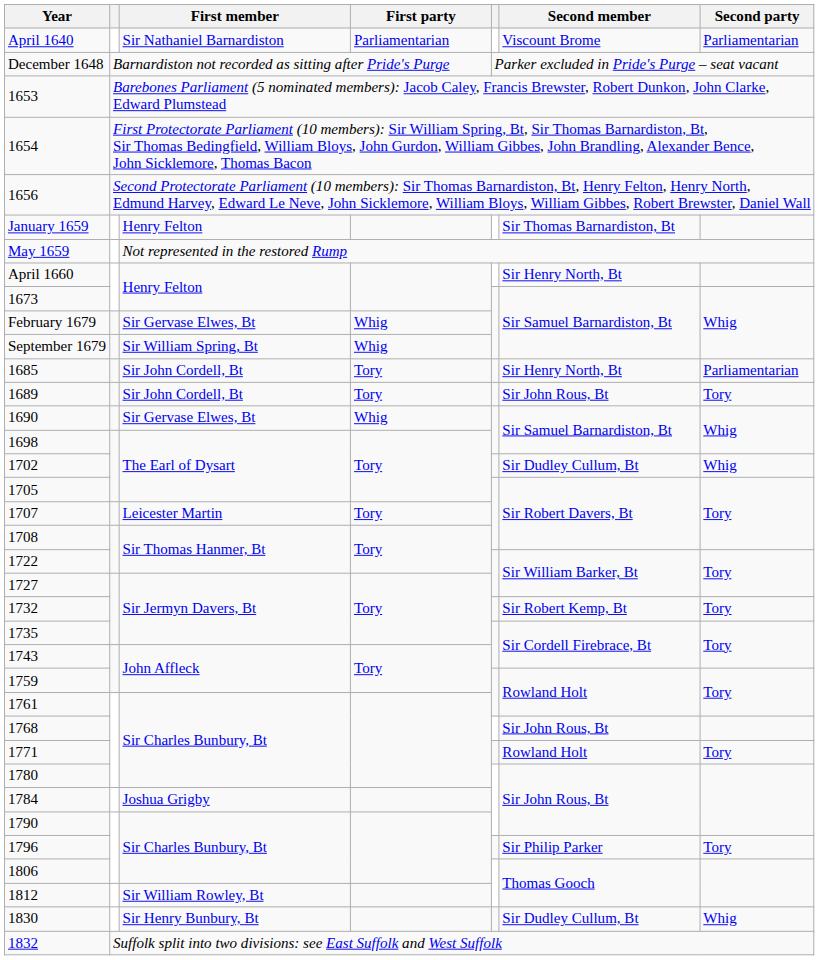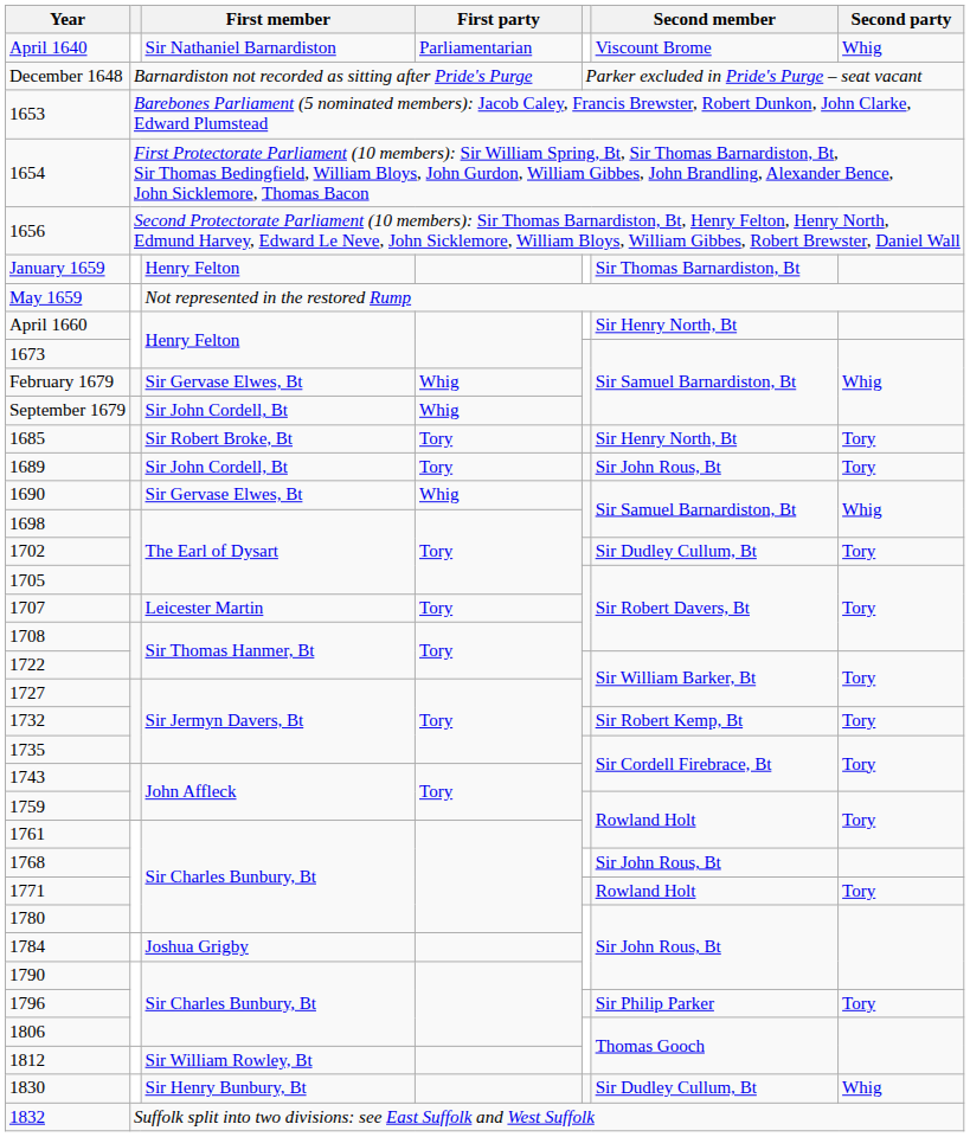 <table class="wikitable">
 <tr>
 <th>Year</th>
 <th></th>
 <th>First member</th>
 <th>First party</th>
 <th></th>
 <th>Second member</th>
 <th>Second party</th>
 </tr>
 <tr>
 <td><a href='#'>April 1640</a></td>
 <td style="color:inherit;background:white;"></td>
 <td><a href='#'>Sir Nathaniel Barnardiston</a></td>
 <td><a href='#'>Parliamentarian</a></td>
 <td style="color:inherit;background:white;"></td>
 <td><a href='#'>Viscount Brome</a></td>
-<td><a href='#'>Parliamentarian</a></td>
+<td><a href='#'>Whig</a></td>
 </tr>
 <tr>
 <td>December 1648</td>
 <td colspan="3"><em>Barnardiston not recorded as sitting after <a href='#'>Pride's Purge</a></em></td>
 <td colspan="3"><em>Parker excluded in <a href='#'>Pride's Purge</a> – seat vacant</em></td>
 </tr>
 <tr>
 <td>1653</td>
 <td colspan="6"><em><a href='#'>Barebones Parliament</a> (5 nominated members):</em> <a href='#'>Jacob Caley</a>, <a href='#'>Francis Brewster</a>, <a href='#'>Robert Dunkon</a>, <a href='#'>John Clarke</a>,<br> <a href='#'>Edward Plumstead</a></td>
 </tr>
 <tr>
 <td>1654</td>
 <td colspan="6"><em><a href='#'>First Protectorate Parliament</a> (10 members):</em> <a href='#'>Sir William Spring, Bt</a>, <a href='#'>Sir Thomas Barnardiston, Bt</a>,<br> <a href='#'>Sir Thomas Bedingfield</a>, <a href='#'>William Bloys</a>, <a href='#'>John Gurdon</a>, <a href='#'>William Gibbes</a>, <a href='#'>John Brandling</a>, <a href='#'>Alexander Bence</a>,<br> <a href='#'>John Sicklemore</a>, <a href='#'>Thomas Bacon</a></td>
 </tr>
 <tr>
 <td>1656</td>
 <td colspan="6"><em><a href='#'>Second Protectorate Parliament</a> (10 members):</em> <a href='#'>Sir Thomas Barnardiston, Bt</a>, <a href='#'>Henry Felton</a>, <a href='#'>Henry North</a>,<br> <a href='#'>Edmund Harvey</a>, <a href='#'>Edward Le Neve</a>, <a href='#'>John Sicklemore</a>, <a href='#'>William Bloys</a>, <a href='#'>William Gibbes</a>, <a href='#'>Robert Brewster</a>, <a href='#'>Daniel Wall</a></td>
 </tr>
 <tr>
 <td><a href='#'>January 1659</a></td>
 <td style="color:inherit;background:white;"></td>
 <td><a href='#'>Henry Felton</a></td>
 <td></td>
 <td style="color:inherit;background:white;"></td>
 <td><a href='#'>Sir Thomas Barnardiston, Bt</a></td>
 <td></td>
 </tr>
 <tr>
 <td><a href='#'>May 1659</a></td>
 <td style="color:inherit;background:white;"></td>
 <td colspan="6"><em>Not represented in the restored <a href='#'>Rump</a></em></td>
 </tr>
 <tr>
 <td>April 1660</td>
 <td rowspan="2" style="color:inherit;background:white;"></td>
 <td rowspan="2"><a href='#'>Henry Felton</a></td>
 <td rowspan="2"></td>
 <td style="color:inherit;background:white;"></td>
 <td><a href='#'>Sir Henry North, Bt</a></td>
 <td></td>
 </tr>
 <tr>
 <td>1673</td>
 <td rowspan="3" style="color:inherit;background-color: "></td>
 <td rowspan="3"><a href='#'>Sir Samuel Barnardiston, Bt</a></td>
 <td rowspan="3"><a href='#'>Whig</a></td>
 </tr>
 <tr>
 <td>February 1679</td>
 <td style="color:inherit;background:"></td>
 <td><a href='#'>Sir Gervase Elwes, Bt</a></td>
 <td> <a href='#'>Whig</a></td>
 </tr>
 <tr>
 <td>September 1679</td>
 <td style="color:inherit;background-color: "></td>
-<td><a href='#'>Sir William Spring, Bt</a></td>
+<td><a href='#'>Sir John Cordell, Bt</a></td>
 <td><a href='#'>Whig</a></td>
 </tr>
 <tr>
 <td>1685</td>
 <td style="color:inherit;background:"></td>
-<td><a href='#'>Sir John Cordell, Bt</a></td>
+<td><a href='#'>Sir Robert Broke, Bt</a></td>
 <td><a href='#'>Tory</a></td>
 <td style="color:inherit;background:"></td>
 <td><a href='#'>Sir Henry North, Bt</a></td>
-<td><a href='#'>Parliamentarian</a></td>
+<td><a href='#'>Tory</a></td>
 </tr>
 <tr>
 <td>1689</td>
 <td style="color:inherit;background:"></td>
 <td><a href='#'>Sir John Cordell, Bt</a></td>
 <td> <a href='#'>Tory</a></td>
 <td style="color:inherit;background-color: "></td>
 <td><a href='#'>Sir John Rous, Bt</a></td>
 <td><a href='#'>Tory</a></td>
 </tr>
 <tr>
 <td>1690</td>
 <td style="color:inherit;background-color: "></td>
 <td><a href='#'>Sir Gervase Elwes, Bt</a></td>
 <td> <a href='#'>Whig</a></td>
 <td rowspan="2" style="color:inherit;background-color: "></td>
 <td rowspan="2"><a href='#'>Sir Samuel Barnardiston, Bt</a></td>
 <td rowspan="2"><a href='#'>Whig</a></td>
 </tr>
 <tr>
 <td>1698</td>
 <td rowspan="3" style="color:inherit;background-color: "></td>
 <td rowspan="3"><a href='#'>The Earl of Dysart</a></td>
 <td rowspan="3"><a href='#'>Tory</a></td>
 </tr>
 <tr>
 <td>1702</td>
 <td style="color:inherit;background-color: "></td>
 <td><a href='#'>Sir Dudley Cullum, Bt</a></td>
-<td><a href='#'>Whig</a></td>
+<td> <a href='#'>Tory</a></td>
 </tr>
 <tr>
 <td>1705</td>
 <td rowspan="3" style="color:inherit;background-color: "></td>
 <td rowspan="3"><a href='#'>Sir Robert Davers, Bt</a></td>
 <td rowspan="3"><a href='#'>Tory</a></td>
 </tr>
 <tr>
 <td>1707</td>
 <td style="color:inherit;background-color:"></td>
 <td><a href='#'>Leicester Martin</a></td>
 <td><a href='#'>Tory</a></td>
 </tr>
 <tr>
 <td>1708</td>
 <td rowspan="2" style="color:inherit;background:"></td>
 <td rowspan="2"><a href='#'>Sir Thomas Hanmer, Bt</a></td>
 <td rowspan="2"> <a href='#'>Tory</a></td>
 </tr>
 <tr>
 <td>1722</td>
 <td rowspan="2" style="color:inherit;background:"></td>
 <td rowspan="2"><a href='#'>Sir William Barker, Bt</a></td>
 <td rowspan="2"> <a href='#'>Tory</a></td>
 </tr>
 <tr>
 <td>1727</td>
 <td rowspan="3" style="color:inherit;background-color: "></td>
 <td rowspan="3"><a href='#'>Sir Jermyn Davers, Bt</a></td>
 <td rowspan="3"> <a href='#'>Tory</a></td>
 </tr>
 <tr>
 <td>1732</td>
 <td style="color:inherit;background-color: "></td>
 <td><a href='#'>Sir Robert Kemp, Bt</a></td>
 <td> <a href='#'>Tory</a></td>
 </tr>
 <tr>
 <td>1735</td>
 <td rowspan="2" style="color:inherit;background-color: "></td>
 <td rowspan="2"><a href='#'>Sir Cordell Firebrace, Bt</a></td>
 <td rowspan="2"><a href='#'>Tory</a></td>
 </tr>
 <tr>
 <td>1743</td>
 <td rowspan="2" style="color:inherit;background-color: "></td>
 <td rowspan="2"><a href='#'>John Affleck</a></td>
 <td rowspan="2"><a href='#'>Tory</a></td>
 </tr>
 <tr>
 <td>1759</td>
 <td rowspan="2" style="color:inherit;background-color: "></td>
 <td rowspan="2"><a href='#'>Rowland Holt</a></td>
 <td rowspan="2"><a href='#'>Tory</a></td>
 </tr>
 <tr>
 <td>1761</td>
 <td rowspan="4" style="color:inherit;background:white;"></td>
 <td rowspan="4"><a href='#'>Sir Charles Bunbury, Bt</a></td>
 <td rowspan="4"></td>
 </tr>
 <tr>
 <td>1768</td>
 <td style="color:inherit;background:white;"></td>
 <td><a href='#'>Sir John Rous, Bt</a></td>
 <td></td>
 </tr>
 <tr>
 <td>1771</td>
 <td style="color:inherit;background-color: "></td>
 <td><a href='#'>Rowland Holt</a></td>
 <td><a href='#'>Tory</a></td>
 </tr>
 <tr>
 <td>1780</td>
 <td rowspan="3" style="color:inherit;background:white;"></td>
 <td rowspan="3"><a href='#'>Sir John Rous, Bt</a></td>
 <td rowspan="3"></td>
 </tr>
 <tr>
 <td>1784</td>
 <td style="color:inherit;background:white;"></td>
 <td><a href='#'>Joshua Grigby</a></td>
 <td></td>
 </tr>
 <tr>
 <td>1790</td>
 <td rowspan="3" style="color:inherit;background:white;"></td>
 <td rowspan="3"><a href='#'>Sir Charles Bunbury, Bt</a></td>
 <td rowspan="3"></td>
 </tr>
 <tr>
 <td>1796</td>
 <td style="color:inherit;background: "></td>
 <td><a href='#'>Sir Philip Parker</a></td>
 <td> <a href='#'>Tory</a></td>
 </tr>
 <tr>
 <td>1806</td>
 <td rowspan="2" style="color:inherit;background:white;"></td>
 <td rowspan="2"><a href='#'>Thomas Gooch</a></td>
 <td rowspan="2"></td>
 </tr>
 <tr>
 <td>1812</td>
 <td style="color:inherit;background:white;"></td>
 <td><a href='#'>Sir William Rowley, Bt</a></td>
 <td></td>
 </tr>
 <tr>
 <td>1830</td>
 <td style="color:inherit;background:white;"></td>
 <td><a href='#'>Sir Henry Bunbury, Bt</a></td>
 <td></td>
 <td style="color:inherit;background-color: "></td>
 <td><a href='#'>Sir Dudley Cullum, Bt</a></td>
 <td> <a href='#'>Whig</a></td>
 </tr>
 <tr>
 <td><a href='#'>1832</a></td>
 <td colspan="6"><em>Suffolk split into two divisions: see <a href='#'>East Suffolk</a> and <a href='#'>West Suffolk</a></em></td>
 </tr>
 </table>
